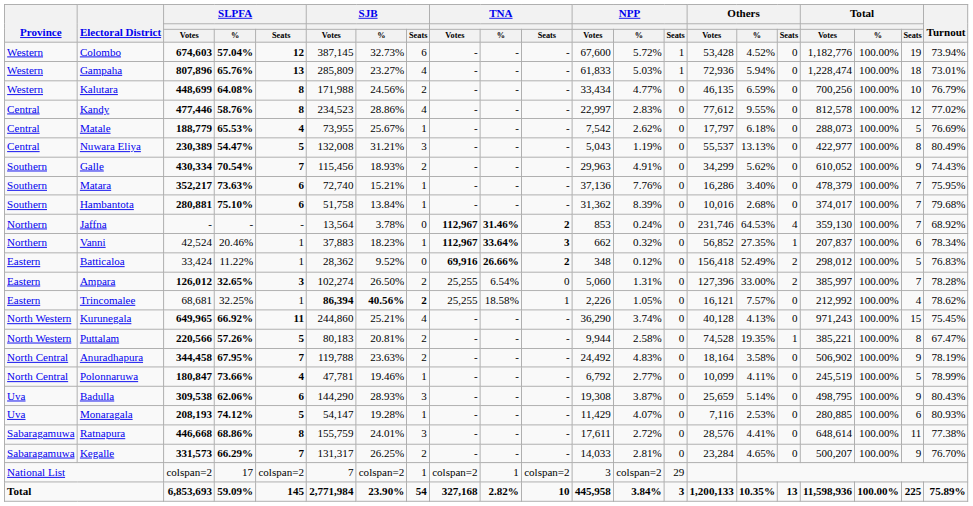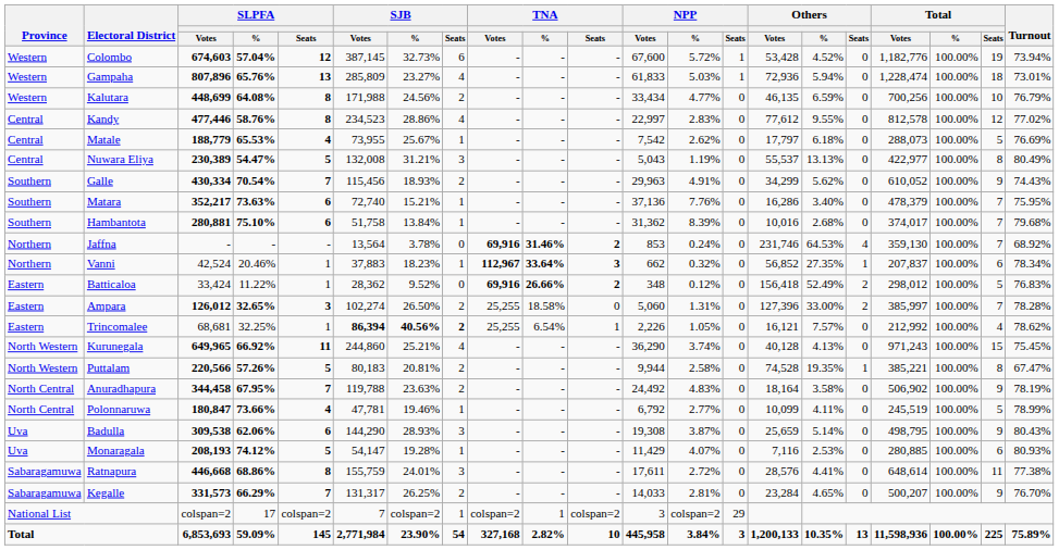 <table class="wikitable sortable" border="1" style="font-size:75%; text-align:right;">
 <tr>
 <th style="vertical-align:bottom;" rowspan=3><a href='#'>Province</a></th>
 <th style="vertical-align:bottom;" rowspan=3><a href='#'>Electoral District</a></th>
 <th colspan=3><a href='#'>SLPFA</a></th>
 <th colspan=3><a href='#'>SJB</a></th>
 <th colspan=3><a href='#'>TNA</a></th>
 <th colspan=3><a href='#'>NPP</a></th>
 <th colspan=3>Others</th>
 <th colspan=3>Total</th>
 <th style="vertical-align:bottom;" rowspan=3>Turnout</th>
 </tr>
 <tr>
 <th colspan=3 style="background:"></th>
 <th colspan=3 style="background:"></th>
 <th colspan=3 style="background:"></th>
 <th colspan=3 style="background:"></th>
 <th colspan=3 style="background:"></th>
 <th colspan=3></th>
 </tr>
 <tr style="font-size: 75%;">
 <th>Votes</th>
 <th style="text-align:center;">%</th>
 <th>Seats</th>
 <th>Votes</th>
 <th style="text-align:center;">%</th>
 <th>Seats</th>
 <th>Votes</th>
 <th style="text-align:center;">%</th>
 <th>Seats</th>
 <th>Votes</th>
 <th style="text-align:center;">%</th>
 <th>Seats</th>
 <th>Votes</th>
 <th style="text-align:center;">%</th>
 <th>Seats</th>
 <th>Votes</th>
 <th style="text-align:center;">%</th>
 <th>Seats</th>
 </tr>
 <tr>
 <td align=left><a href='#'>Western</a></td>
 <td align=left><a href='#'>Colombo</a></td>
 <td><strong>674,603</strong></td>
 <td><strong>57.04%</strong></td>
 <td><strong>12</strong></td>
 <td>387,145</td>
 <td>32.73%</td>
 <td>6</td>
 <td>-</td>
 <td>-</td>
 <td>-</td>
 <td>67,600</td>
 <td>5.72%</td>
 <td>1</td>
 <td>53,428</td>
 <td>4.52%</td>
 <td>0</td>
 <td>1,182,776</td>
 <td>100.00%</td>
 <td>19</td>
 <td>73.94%</td>
 </tr>
 <tr>
 <td align=left><a href='#'>Western</a></td>
 <td align=left><a href='#'>Gampaha</a></td>
 <td><strong>807,896</strong></td>
 <td><strong>65.76%</strong></td>
 <td><strong>13</strong></td>
 <td>285,809</td>
 <td>23.27%</td>
 <td>4</td>
 <td>-</td>
 <td>-</td>
 <td>-</td>
 <td>61,833</td>
 <td>5.03%</td>
 <td>1</td>
 <td>72,936</td>
 <td>5.94%</td>
 <td>0</td>
 <td>1,228,474</td>
 <td>100.00%</td>
 <td>18</td>
 <td>73.01%</td>
 </tr>
 <tr>
 <td align=left><a href='#'>Western</a></td>
 <td align=left><a href='#'>Kalutara</a></td>
 <td><strong>448,699</strong></td>
 <td><strong>64.08%</strong></td>
 <td><strong>8</strong></td>
 <td>171,988</td>
 <td>24.56%</td>
 <td>2</td>
 <td>-</td>
 <td>-</td>
 <td>-</td>
 <td>33,434</td>
 <td>4.77%</td>
 <td>0</td>
 <td>46,135</td>
 <td>6.59%</td>
 <td>0</td>
 <td>700,256</td>
 <td>100.00%</td>
 <td>10</td>
 <td>76.79%</td>
 </tr>
 <tr>
 <td align=left><a href='#'>Central</a></td>
 <td align=left><a href='#'>Kandy</a></td>
 <td><strong>477,446</strong></td>
 <td><strong>58.76%</strong></td>
 <td><strong>8</strong></td>
 <td>234,523</td>
 <td>28.86%</td>
 <td>4</td>
 <td>-</td>
 <td>-</td>
 <td>-</td>
 <td>22,997</td>
 <td>2.83%</td>
 <td>0</td>
 <td>77,612</td>
 <td>9.55%</td>
 <td>0</td>
 <td>812,578</td>
 <td>100.00%</td>
 <td>12</td>
 <td>77.02%</td>
 </tr>
 <tr>
 <td align=left><a href='#'>Central</a></td>
 <td align=left><a href='#'>Matale</a></td>
 <td><strong>188,779</strong></td>
 <td><strong>65.53%</strong></td>
 <td><strong>4</strong></td>
 <td>73,955</td>
 <td>25.67%</td>
 <td>1</td>
 <td>-</td>
 <td>-</td>
 <td>-</td>
 <td>7,542</td>
 <td>2.62%</td>
 <td>0</td>
 <td>17,797</td>
 <td>6.18%</td>
 <td>0</td>
 <td>288,073</td>
 <td>100.00%</td>
 <td>5</td>
 <td>76.69%</td>
 </tr>
 <tr>
 <td align=left><a href='#'>Central</a></td>
 <td align=left><a href='#'>Nuwara Eliya</a></td>
 <td><strong>230,389</strong></td>
 <td><strong>54.47%</strong></td>
 <td><strong>5</strong></td>
 <td>132,008</td>
 <td>31.21%</td>
 <td>3</td>
 <td>-</td>
 <td>-</td>
 <td>-</td>
 <td>5,043</td>
 <td>1.19%</td>
 <td>0</td>
 <td>55,537</td>
 <td>13.13%</td>
 <td>0</td>
 <td>422,977</td>
 <td>100.00%</td>
 <td>8</td>
 <td>80.49%</td>
 </tr>
 <tr>
 <td align=left><a href='#'>Southern</a></td>
 <td align=left><a href='#'>Galle</a></td>
 <td><strong>430,334</strong></td>
 <td><strong>70.54%</strong></td>
 <td><strong>7</strong></td>
 <td>115,456</td>
 <td>18.93%</td>
 <td>2</td>
 <td>-</td>
 <td>-</td>
 <td>-</td>
 <td>29,963</td>
 <td>4.91%</td>
 <td>0</td>
 <td>34,299</td>
 <td>5.62%</td>
 <td>0</td>
 <td>610,052</td>
 <td>100.00%</td>
 <td>9</td>
 <td>74.43%</td>
 </tr>
 <tr>
 <td align=left><a href='#'>Southern</a></td>
 <td align=left><a href='#'>Matara</a></td>
 <td><strong>352,217</strong></td>
 <td><strong>73.63%</strong></td>
 <td><strong>6</strong></td>
 <td>72,740</td>
 <td>15.21%</td>
 <td>1</td>
 <td>-</td>
 <td>-</td>
 <td>-</td>
 <td>37,136</td>
 <td>7.76%</td>
 <td>0</td>
 <td>16,286</td>
 <td>3.40%</td>
 <td>0</td>
 <td>478,379</td>
 <td>100.00%</td>
 <td>7</td>
 <td>75.95%</td>
 </tr>
 <tr>
 <td align=left><a href='#'>Southern</a></td>
 <td align=left><a href='#'>Hambantota</a></td>
 <td><strong>280,881</strong></td>
 <td><strong>75.10%</strong></td>
 <td><strong>6</strong></td>
 <td>51,758</td>
 <td>13.84%</td>
 <td>1</td>
 <td>-</td>
 <td>-</td>
 <td>-</td>
 <td>31,362</td>
 <td>8.39%</td>
 <td>0</td>
 <td>10,016</td>
 <td>2.68%</td>
 <td>0</td>
 <td>374,017</td>
 <td>100.00%</td>
 <td>7</td>
 <td>79.68%</td>
 </tr>
 <tr>
 <td align=left><a href='#'>Northern</a></td>
 <td align=left><a href='#'>Jaffna</a></td>
 <td>-</td>
 <td>-</td>
 <td>-</td>
 <td>13,564</td>
 <td>3.78%</td>
 <td>0</td>
-<td><strong>112,967</strong></td>
+<td><strong>69,916</strong></td>
 <td><strong>31.46%</strong></td>
 <td><strong>2</strong></td>
 <td>853</td>
 <td>0.24%</td>
 <td>0</td>
 <td>231,746</td>
 <td>64.53%</td>
 <td>4</td>
 <td>359,130</td>
 <td>100.00%</td>
 <td>7</td>
 <td>68.92%</td>
 </tr>
 <tr>
 <td align=left><a href='#'>Northern</a></td>
 <td align=left><a href='#'>Vanni</a></td>
 <td>42,524</td>
 <td>20.46%</td>
 <td>1</td>
 <td>37,883</td>
 <td>18.23%</td>
 <td>1</td>
 <td><strong>112,967</strong></td>
 <td><strong>33.64%</strong></td>
 <td><strong>3</strong></td>
 <td>662</td>
 <td>0.32%</td>
 <td>0</td>
 <td>56,852</td>
 <td>27.35%</td>
 <td>1</td>
 <td>207,837</td>
 <td>100.00%</td>
 <td>6</td>
 <td>78.34%</td>
 </tr>
 <tr>
 <td align=left><a href='#'>Eastern</a></td>
 <td align=left><a href='#'>Batticaloa</a></td>
 <td>33,424</td>
 <td>11.22%</td>
 <td>1</td>
 <td>28,362</td>
 <td>9.52%</td>
 <td>0</td>
 <td><strong>69,916</strong></td>
 <td><strong>26.66%</strong></td>
 <td><strong>2</strong></td>
 <td>348</td>
 <td>0.12%</td>
 <td>0</td>
 <td>156,418</td>
 <td>52.49%</td>
 <td>2</td>
 <td>298,012</td>
 <td>100.00%</td>
 <td>5</td>
 <td>76.83%</td>
 </tr>
 <tr>
 <td align=left><a href='#'>Eastern</a></td>
 <td align=left><a href='#'>Ampara</a></td>
 <td><strong>126,012</strong></td>
 <td><strong>32.65%</strong></td>
 <td><strong>3</strong></td>
 <td>102,274</td>
 <td>26.50%</td>
 <td>2</td>
 <td>25,255</td>
-<td>6.54%</td>
+<td>18.58%</td>
 <td>0</td>
 <td>5,060</td>
 <td>1.31%</td>
 <td>0</td>
 <td>127,396</td>
 <td>33.00%</td>
 <td>2</td>
 <td>385,997</td>
 <td>100.00%</td>
 <td>7</td>
 <td>78.28%</td>
 </tr>
 <tr>
 <td align=left><a href='#'>Eastern</a></td>
 <td align=left><a href='#'>Trincomalee</a></td>
 <td>68,681</td>
 <td>32.25%</td>
 <td>1</td>
 <td><strong>86,394</strong></td>
 <td><strong>40.56%</strong></td>
 <td><strong>2</strong></td>
 <td>25,255</td>
-<td>18.58%</td>
+<td>6.54%</td>
 <td>1</td>
 <td>2,226</td>
 <td>1.05%</td>
 <td>0</td>
 <td>16,121</td>
 <td>7.57%</td>
 <td>0</td>
 <td>212,992</td>
 <td>100.00%</td>
 <td>4</td>
 <td>78.62%</td>
 </tr>
 <tr>
 <td align=left><a href='#'>North Western</a></td>
 <td align=left><a href='#'>Kurunegala</a></td>
 <td><strong>649,965</strong></td>
 <td><strong>66.92%</strong></td>
 <td><strong>11</strong></td>
 <td>244,860</td>
 <td>25.21%</td>
 <td>4</td>
 <td>-</td>
 <td>-</td>
 <td>-</td>
 <td>36,290</td>
 <td>3.74%</td>
 <td>0</td>
 <td>40,128</td>
 <td>4.13%</td>
 <td>0</td>
 <td>971,243</td>
 <td>100.00%</td>
 <td>15</td>
 <td>75.45%</td>
 </tr>
 <tr>
 <td align=left><a href='#'>North Western</a></td>
 <td align=left><a href='#'>Puttalam</a></td>
 <td><strong>220,566</strong></td>
 <td><strong>57.26%</strong></td>
 <td><strong>5</strong></td>
 <td>80,183</td>
 <td>20.81%</td>
 <td>2</td>
 <td>-</td>
 <td>-</td>
 <td>-</td>
 <td>9,944</td>
 <td>2.58%</td>
 <td>0</td>
 <td>74,528</td>
 <td>19.35%</td>
 <td>1</td>
 <td>385,221</td>
 <td>100.00%</td>
 <td>8</td>
 <td>67.47%</td>
 </tr>
 <tr>
 <td align=left><a href='#'>North Central</a></td>
 <td align=left><a href='#'>Anuradhapura</a></td>
 <td><strong>344,458</strong></td>
 <td><strong>67.95%</strong></td>
 <td><strong>7</strong></td>
 <td>119,788</td>
 <td>23.63%</td>
 <td>2</td>
 <td>-</td>
 <td>-</td>
 <td>-</td>
 <td>24,492</td>
 <td>4.83%</td>
 <td>0</td>
 <td>18,164</td>
 <td>3.58%</td>
 <td>0</td>
 <td>506,902</td>
 <td>100.00%</td>
 <td>9</td>
 <td>78.19%</td>
 </tr>
 <tr>
 <td align=left><a href='#'>North Central</a></td>
 <td align=left><a href='#'>Polonnaruwa</a></td>
 <td><strong>180,847</strong></td>
 <td><strong>73.66%</strong></td>
 <td><strong>4</strong></td>
 <td>47,781</td>
 <td>19.46%</td>
 <td>1</td>
 <td>-</td>
 <td>-</td>
 <td>-</td>
 <td>6,792</td>
 <td>2.77%</td>
 <td>0</td>
 <td>10,099</td>
 <td>4.11%</td>
 <td>0</td>
 <td>245,519</td>
 <td>100.00%</td>
 <td>5</td>
 <td>78.99%</td>
 </tr>
 <tr>
 <td align=left><a href='#'>Uva</a></td>
 <td align=left><a href='#'>Badulla</a></td>
 <td><strong>309,538</strong></td>
 <td><strong>62.06%</strong></td>
 <td><strong>6</strong></td>
 <td>144,290</td>
 <td>28.93%</td>
 <td>3</td>
 <td>-</td>
 <td>-</td>
 <td>-</td>
 <td>19,308</td>
 <td>3.87%</td>
 <td>0</td>
 <td>25,659</td>
 <td>5.14%</td>
 <td>0</td>
 <td>498,795</td>
 <td>100.00%</td>
 <td>9</td>
 <td>80.43%</td>
 </tr>
 <tr>
 <td align=left><a href='#'>Uva</a></td>
 <td align=left><a href='#'>Monaragala</a></td>
 <td><strong>208,193</strong></td>
 <td><strong>74.12%</strong></td>
 <td><strong>5</strong></td>
 <td>54,147</td>
 <td>19.28%</td>
 <td>1</td>
 <td>-</td>
 <td>-</td>
 <td>-</td>
 <td>11,429</td>
 <td>4.07%</td>
 <td>0</td>
 <td>7,116</td>
 <td>2.53%</td>
 <td>0</td>
 <td>280,885</td>
 <td>100.00%</td>
 <td>6</td>
 <td>80.93%</td>
 </tr>
 <tr>
 <td align=left><a href='#'>Sabaragamuwa</a></td>
 <td align=left><a href='#'>Ratnapura</a></td>
 <td><strong>446,668</strong></td>
 <td><strong>68.86%</strong></td>
 <td><strong>8</strong></td>
 <td>155,759</td>
 <td>24.01%</td>
 <td>3</td>
 <td>-</td>
 <td>-</td>
 <td>-</td>
 <td>17,611</td>
 <td>2.72%</td>
 <td>0</td>
 <td>28,576</td>
 <td>4.41%</td>
 <td>0</td>
 <td>648,614</td>
 <td>100.00%</td>
 <td>11</td>
 <td>77.38%</td>
 </tr>
 <tr>
 <td align=left><a href='#'>Sabaragamuwa</a></td>
 <td align=left><a href='#'>Kegalle</a></td>
 <td><strong>331,573</strong></td>
 <td><strong>66.29%</strong></td>
 <td><strong>7</strong></td>
 <td>131,317</td>
 <td>26.25%</td>
 <td>2</td>
 <td>-</td>
 <td>-</td>
 <td>-</td>
 <td>14,033</td>
 <td>2.81%</td>
 <td>0</td>
 <td>23,284</td>
 <td>4.65%</td>
 <td>0</td>
 <td>500,207</td>
 <td>100.00%</td>
 <td>9</td>
 <td>76.70%</td>
 </tr>
 <tr class="sortbottom">
 <td style="text-align:left;" colspan=2><a href='#'>National List</a></td>
 <td>colspan=2 </td>
 <td>17</td>
 <td>colspan=2 </td>
 <td>7</td>
 <td>colspan=2 </td>
 <td>1</td>
 <td>colspan=2 </td>
 <td>1</td>
 <td>colspan=2 </td>
 <td>3</td>
 <td>colspan=2 </td>
 <td>29</td>
 <td></td>
 </tr>
 <tr class="sortbottom" style="font-weight:bold">
 <td colspan=2 style="text-align:left;">Total</td>
 <td>6,853,693</td>
 <td>59.09%</td>
 <td>145</td>
 <td>2,771,984</td>
 <td>23.90%</td>
 <td>54</td>
 <td>327,168</td>
 <td>2.82%</td>
 <td>10</td>
 <td>445,958</td>
 <td>3.84%</td>
 <td>3</td>
 <td>1,200,133</td>
 <td>10.35%</td>
 <td>13</td>
 <td>11,598,936</td>
 <td>100.00%</td>
 <td>225</td>
 <td>75.89%</td>
 </tr>
 </table>
